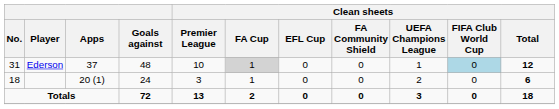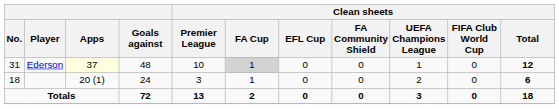 <table class="wikitable sortable alternance" style="text-align:center">
 <tr>
 <th colspan="4"></th>
 <th colspan="8">Clean sheets</th>
 </tr>
 <tr>
 <th>No.</th>
 <th>Player</th>
 <th width=80>Apps</th>
 <th width=80>Goals against</th>
 <th width=80>Premier League</th>
 <th width=80>FA Cup</th>
 <th width=80>EFL Cup</th>
 <th width=80>FA Community Shield</th>
 <th width=80>UEFA Champions League</th>
 <th width=80>FIFA Club World Cup</th>
 <th width=80>Total</th>
 </tr>
 <tr>
 <td>31</td>
 <td> <a href='#'>Ederson</a></td>
-<td>37</td>
+<td style="background: lightyellow;">37</td>
 <td>48</td>
 <td>10</td>
 <td style="background: lightgrey;">1</td>
 <td>0</td>
 <td>0</td>
 <td>1</td>
-<td style="background: lightblue;">0</td>
+<td>0</td>
 <td><strong>12</strong></td>
 </tr>
 <tr>
 <td>18</td>
 <td> </td>
 <td>20 (1)</td>
 <td>24</td>
 <td>3</td>
 <td>1</td>
 <td>0</td>
 <td>0</td>
 <td>2</td>
 <td>0</td>
 <td><strong>6</strong></td>
 </tr>
 <tr>
 <td colspan="3"><strong>Totals</strong></td>
 <td><strong>72</strong></td>
 <td><strong>13</strong></td>
 <td><strong>2</strong></td>
 <td><strong>0</strong></td>
 <td><strong>0</strong></td>
 <td><strong>3</strong></td>
 <td><strong>0</strong></td>
 <td><strong>18</strong></td>
 </tr>
 <tr>
 </tr>
 </table>
